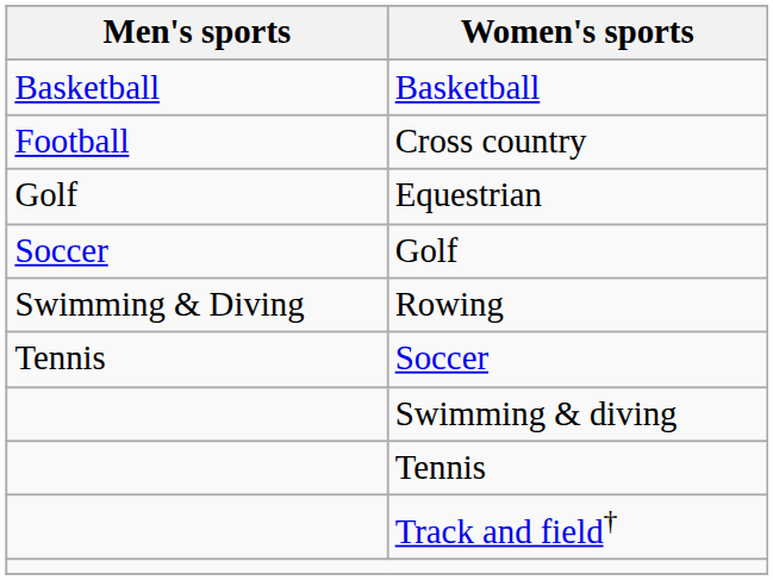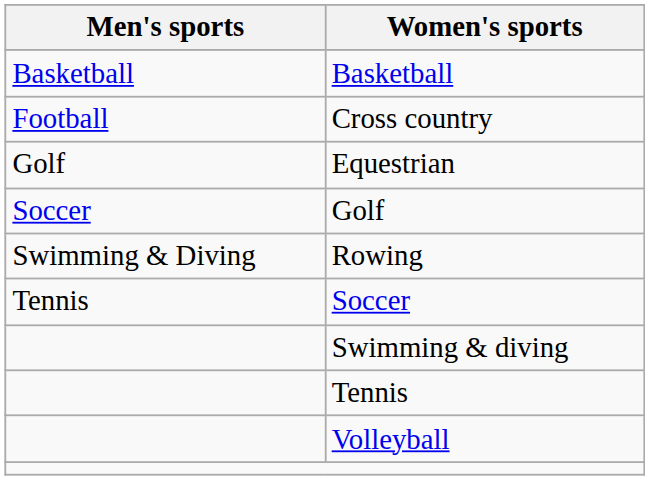 <table class="wikitable" style="float:right; clear:right; margin:0 0 1em 1em;">
 <tr>
 <th width=170px>Men's sports</th>
 <th width=170px>Women's sports</th>
 </tr>
 <tr>
 <td><a href='#'>Basketball</a></td>
 <td><a href='#'>Basketball</a></td>
 </tr>
 <tr>
 <td><a href='#'>Football</a></td>
 <td>Cross country</td>
 </tr>
 <tr>
 <td>Golf</td>
 <td>Equestrian</td>
 </tr>
 <tr>
 <td><a href='#'>Soccer</a></td>
 <td>Golf</td>
 </tr>
 <tr>
 <td>Swimming & Diving</td>
 <td>Rowing</td>
 </tr>
 <tr>
 <td>Tennis</td>
 <td><a href='#'>Soccer</a></td>
 </tr>
 <tr>
 <td></td>
 <td>Swimming & diving</td>
 </tr>
 <tr>
 <td></td>
 <td>Tennis</td>
 </tr>
 <tr>
 <td></td>
-<td><a href='#'>Track and field</a><sup>†</sup></td>
+<td><a href='#'>Volleyball</a></td>
 </tr>
 <tr>
 <td colspan="2"></td>
 </tr>
 </table>
